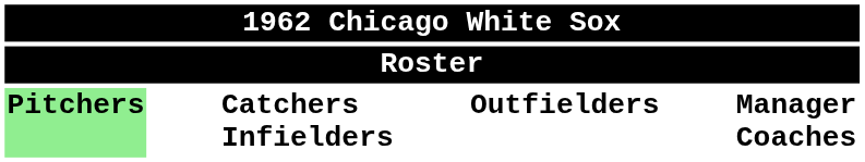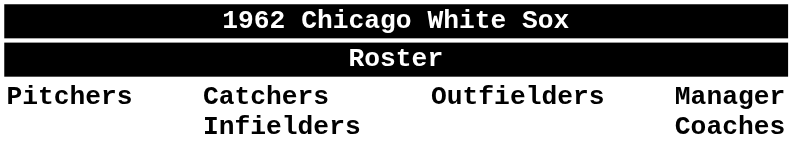 <table class="toccolours" style="font-size: 95%;">
 <tr>
 <th colspan="10" style="background:black; color:white; text-align:center;">1962 Chicago White Sox</th>
 </tr>
 <tr>
 <td colspan="10" style="background:black; color:white; text-align:center;"><strong>Roster</strong></td>
 </tr>
 <tr>
-<td valign="top" style="background: lightgreen;"><strong>Pitchers</strong><br>                 </td>
+<td valign="top"><strong>Pitchers</strong><br>                 </td>
 <td style="width:25px;"></td>
 <td valign="top"><strong>Catchers</strong><br>    <strong>Infielders</strong>            </td>
 <td style="width:25px;"></td>
 <td valign="top"><strong>Outfielders</strong><br>     </td>
 <td style="width:25px;"></td>
 <td valign="top"><strong>Manager</strong><br> <strong>Coaches</strong>    </td>
 </tr>
 </table>
